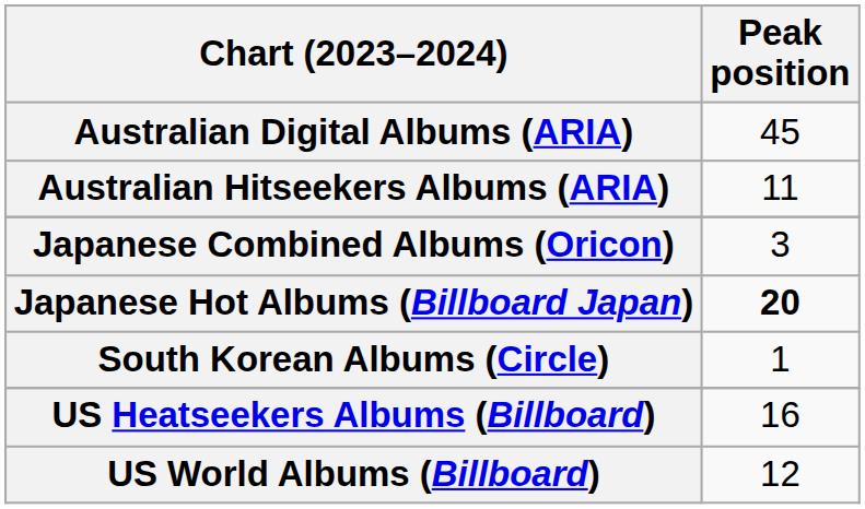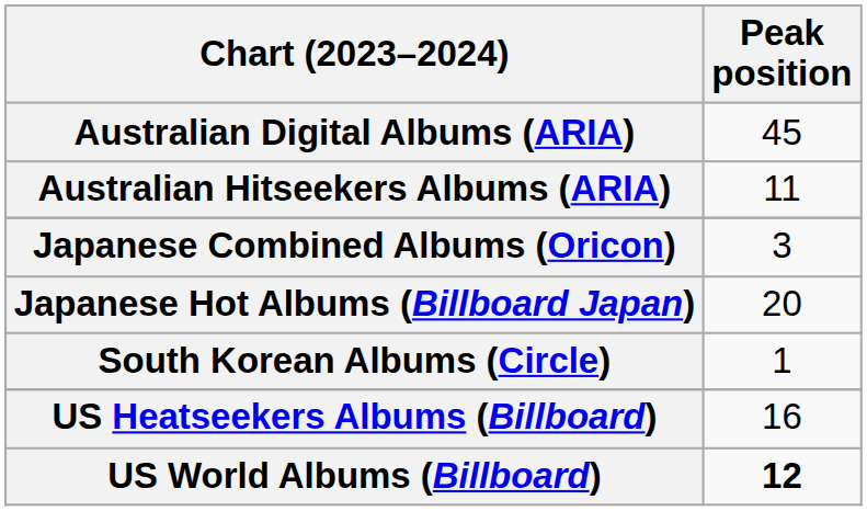 <table class="wikitable plainrowheaders sortable" style="text-align:center">
 <tr>
 <th scope="col">Chart (2023–2024)</th>
 <th scope="col">Peak<br>position</th>
 </tr>
 <tr>
 <th scope="row">Australian Digital Albums (<a href='#'>ARIA</a>)</th>
 <td>45</td>
 </tr>
 <tr>
 <th scope="row">Australian Hitseekers Albums (<a href='#'>ARIA</a>)</th>
 <td>11</td>
 </tr>
 <tr>
 </tr>
 <tr>
 <th scope="row">Japanese Combined Albums (<a href='#'>Oricon</a>)</th>
 <td>3</td>
 </tr>
 <tr>
 <th scope="row">Japanese Hot Albums (<em><a href='#'>Billboard Japan</a></em>)</th>
-<td><strong>20</strong></td>
+<td>20</td>
 </tr>
 <tr>
 <th scope="row">South Korean Albums (<a href='#'>Circle</a>)</th>
 <td>1</td>
 </tr>
 <tr>
 </tr>
 <tr>
 <th scope="row">US <a href='#'>Heatseekers Albums</a> (<em><a href='#'>Billboard</a></em>)</th>
 <td>16</td>
 </tr>
 <tr>
 <th scope="row">US World Albums (<em><a href='#'>Billboard</a></em>)</th>
-<td>12</td>
+<td><strong>12</strong></td>
 </tr>
 </table>
